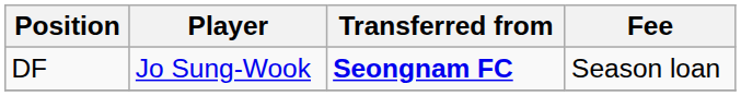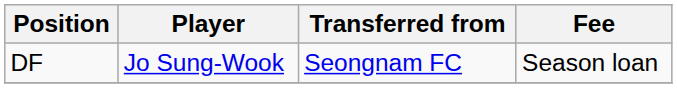 <table class="wikitable sortable" style="width:70%; text-align:center; font-size:100%; text-align:left;">
 <tr>
 <th>Position</th>
 <th>Player</th>
 <th>Transferred from</th>
 <th>Fee</th>
 </tr>
 <tr>
 <td>DF</td>
 <td> <a href='#'>Jo Sung-Wook</a></td>
-<td><strong> <a href='#'>Seongnam FC</a></strong></td>
+<td> <a href='#'>Seongnam FC</a></td>
 <td>Season loan</td>
 </tr>
 <tr>
 </tr>
 </table>
